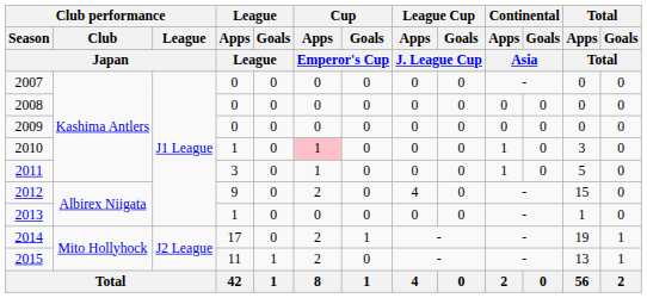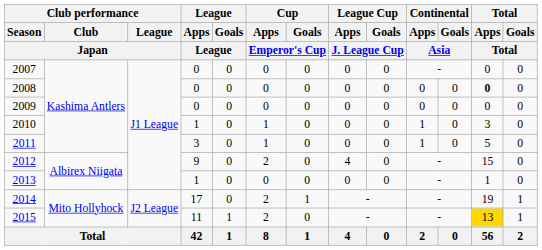 <table class="wikitable" style="text-align:center;">
 <tr>
 <th colspan=3>Club performance</th>
 <th colspan=2>League</th>
 <th colspan=2>Cup</th>
 <th colspan=2>League Cup</th>
 <th colspan=2>Continental</th>
 <th colspan=2>Total</th>
 </tr>
 <tr>
 <th>Season</th>
 <th>Club</th>
 <th>League</th>
 <th>Apps</th>
 <th>Goals</th>
 <th>Apps</th>
 <th>Goals</th>
 <th>Apps</th>
 <th>Goals</th>
 <th>Apps</th>
 <th>Goals</th>
 <th>Apps</th>
 <th>Goals</th>
 </tr>
 <tr>
 <th colspan=3>Japan</th>
 <th colspan=2>League</th>
 <th colspan=2><a href='#'>Emperor's Cup</a></th>
 <th colspan=2><a href='#'>J. League Cup</a></th>
 <th colspan=2><a href='#'>Asia</a></th>
 <th colspan=2>Total</th>
 </tr>
 <tr>
 <td>2007</td>
 <td rowspan="5"><a href='#'>Kashima Antlers</a></td>
 <td rowspan="7"><a href='#'>J1 League</a></td>
 <td>0</td>
 <td>0</td>
 <td>0</td>
 <td>0</td>
 <td>0</td>
 <td>0</td>
 <td colspan="2">-</td>
 <td>0</td>
 <td>0</td>
 </tr>
 <tr>
 <td>2008</td>
 <td>0</td>
 <td>0</td>
 <td>0</td>
 <td>0</td>
 <td>0</td>
 <td>0</td>
 <td>0</td>
 <td>0</td>
-<td>0</td>
+<td><strong>0</strong></td>
 <td>0</td>
 </tr>
 <tr>
 <td>2009</td>
 <td>0</td>
 <td>0</td>
 <td>0</td>
 <td>0</td>
 <td>0</td>
 <td>0</td>
 <td>0</td>
 <td>0</td>
 <td>0</td>
 <td>0</td>
 </tr>
 <tr>
 <td>2010</td>
 <td>1</td>
 <td>0</td>
-<td style="background: pink;">1</td>
+<td>1</td>
 <td>0</td>
 <td>0</td>
 <td>0</td>
 <td>1</td>
 <td>0</td>
 <td>3</td>
 <td>0</td>
 </tr>
 <tr>
 <td><a href='#'>2011</a></td>
 <td>3</td>
 <td>0</td>
 <td>1</td>
 <td>0</td>
 <td>0</td>
 <td>0</td>
 <td>1</td>
 <td>0</td>
 <td>5</td>
 <td>0</td>
 </tr>
 <tr>
 <td><a href='#'>2012</a></td>
 <td rowspan="2"><a href='#'>Albirex Niigata</a></td>
 <td>9</td>
 <td>0</td>
 <td>2</td>
 <td>0</td>
 <td>4</td>
 <td>0</td>
 <td colspan="2">-</td>
 <td>15</td>
 <td>0</td>
 </tr>
 <tr>
 <td><a href='#'>2013</a></td>
 <td>1</td>
 <td>0</td>
 <td>0</td>
 <td>0</td>
 <td>0</td>
 <td>0</td>
 <td colspan="2">-</td>
 <td>1</td>
 <td>0</td>
 </tr>
 <tr>
 <td><a href='#'>2014</a></td>
 <td rowspan="2"><a href='#'>Mito Hollyhock</a></td>
 <td rowspan="2"><a href='#'>J2 League</a></td>
 <td>17</td>
 <td>0</td>
 <td>2</td>
 <td>1</td>
 <td colspan="2">-</td>
 <td colspan="2">-</td>
 <td>19</td>
 <td>1</td>
 </tr>
 <tr>
 <td><a href='#'>2015</a></td>
 <td>11</td>
 <td>1</td>
 <td>2</td>
 <td>0</td>
 <td colspan="2">-</td>
 <td colspan="2">-</td>
-<td>13</td>
+<td style="background: gold;">13</td>
 <td>1</td>
 </tr>
 <tr>
 <th colspan=3>Total</th>
 <th>42</th>
 <th>1</th>
 <th>8</th>
 <th>1</th>
 <th>4</th>
 <th>0</th>
 <th>2</th>
 <th>0</th>
 <th>56</th>
 <th>2</th>
 </tr>
 </table>
